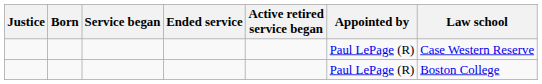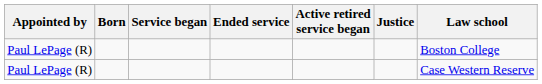 <table class="wikitable sortable">
 <tr>
-<th>Justice</th>
+<th>Appointed by</th>
 <th>Born</th>
 <th>Service began</th>
 <th>Ended service</th>
 <th>Active retired<br>service began</th>
-<th>Appointed by</th>
+<th>Justice</th>
 <th>Law school</th>
 </tr>
 <tr>
+<td><a href='#'>Paul LePage</a> (R)</td>
 <td></td>
 <td></td>
 <td></td>
 <td></td>
 <td></td>
-<td><a href='#'>Paul LePage</a> (R)</td>
-<td><a href='#'>Case Western Reserve</a></td>
+<td><a href='#'>Boston College</a></td>
 </tr>
 <tr>
+<td><a href='#'>Paul LePage</a> (R)</td>
 <td></td>
 <td></td>
 <td></td>
 <td></td>
 <td></td>
-<td><a href='#'>Paul LePage</a> (R)</td>
-<td><a href='#'>Boston College</a></td>
+<td><a href='#'>Case Western Reserve</a></td>
 </tr>
 </table>
